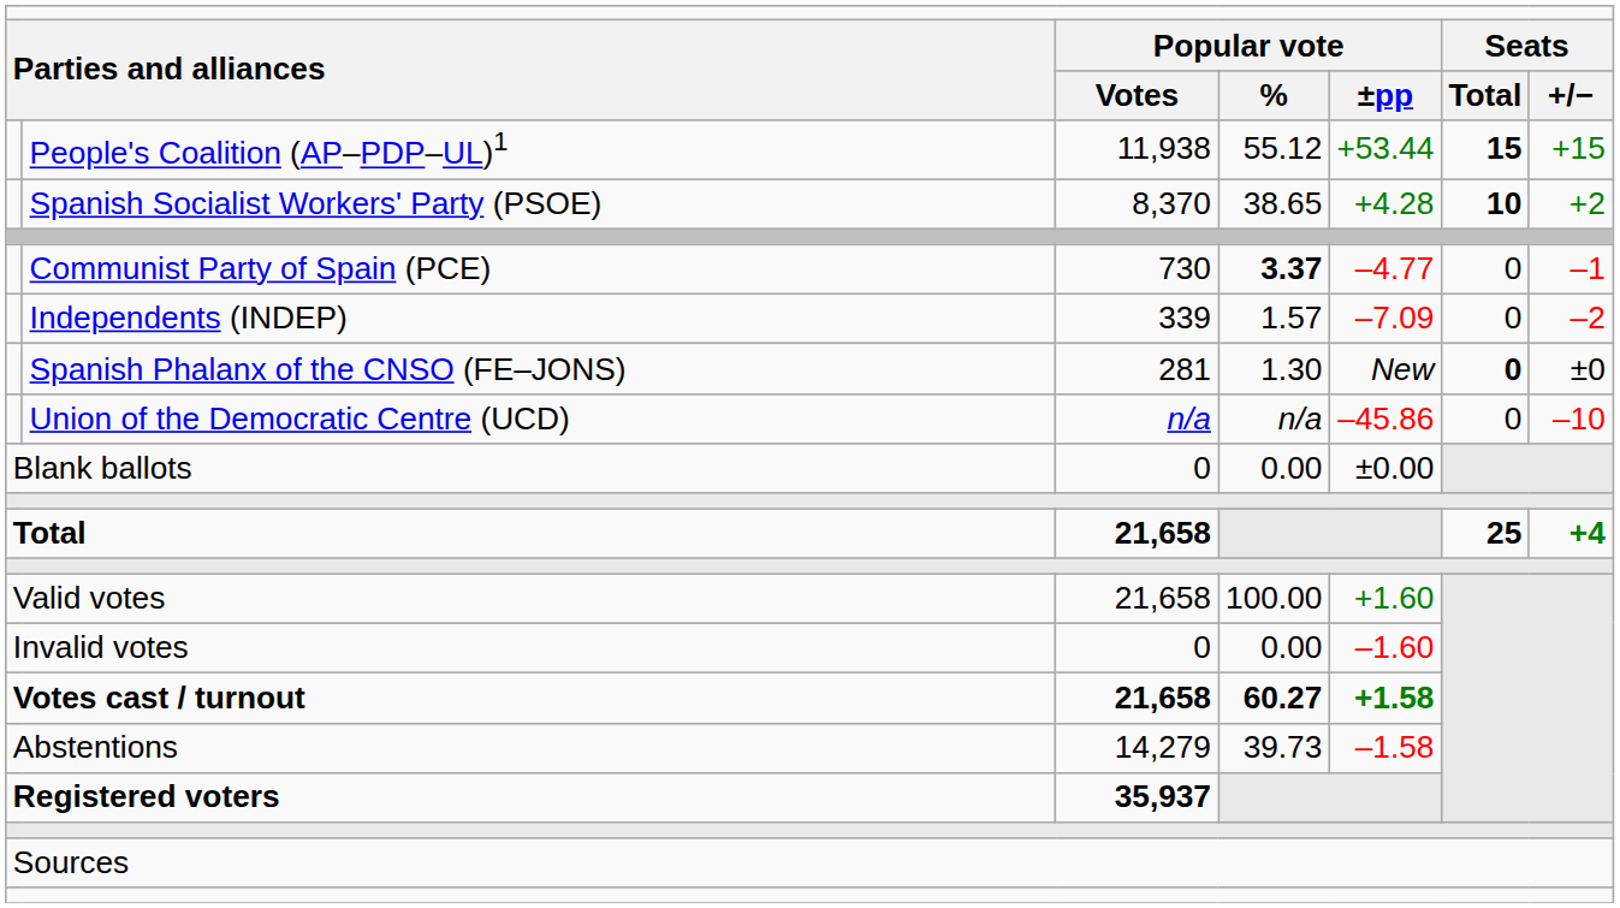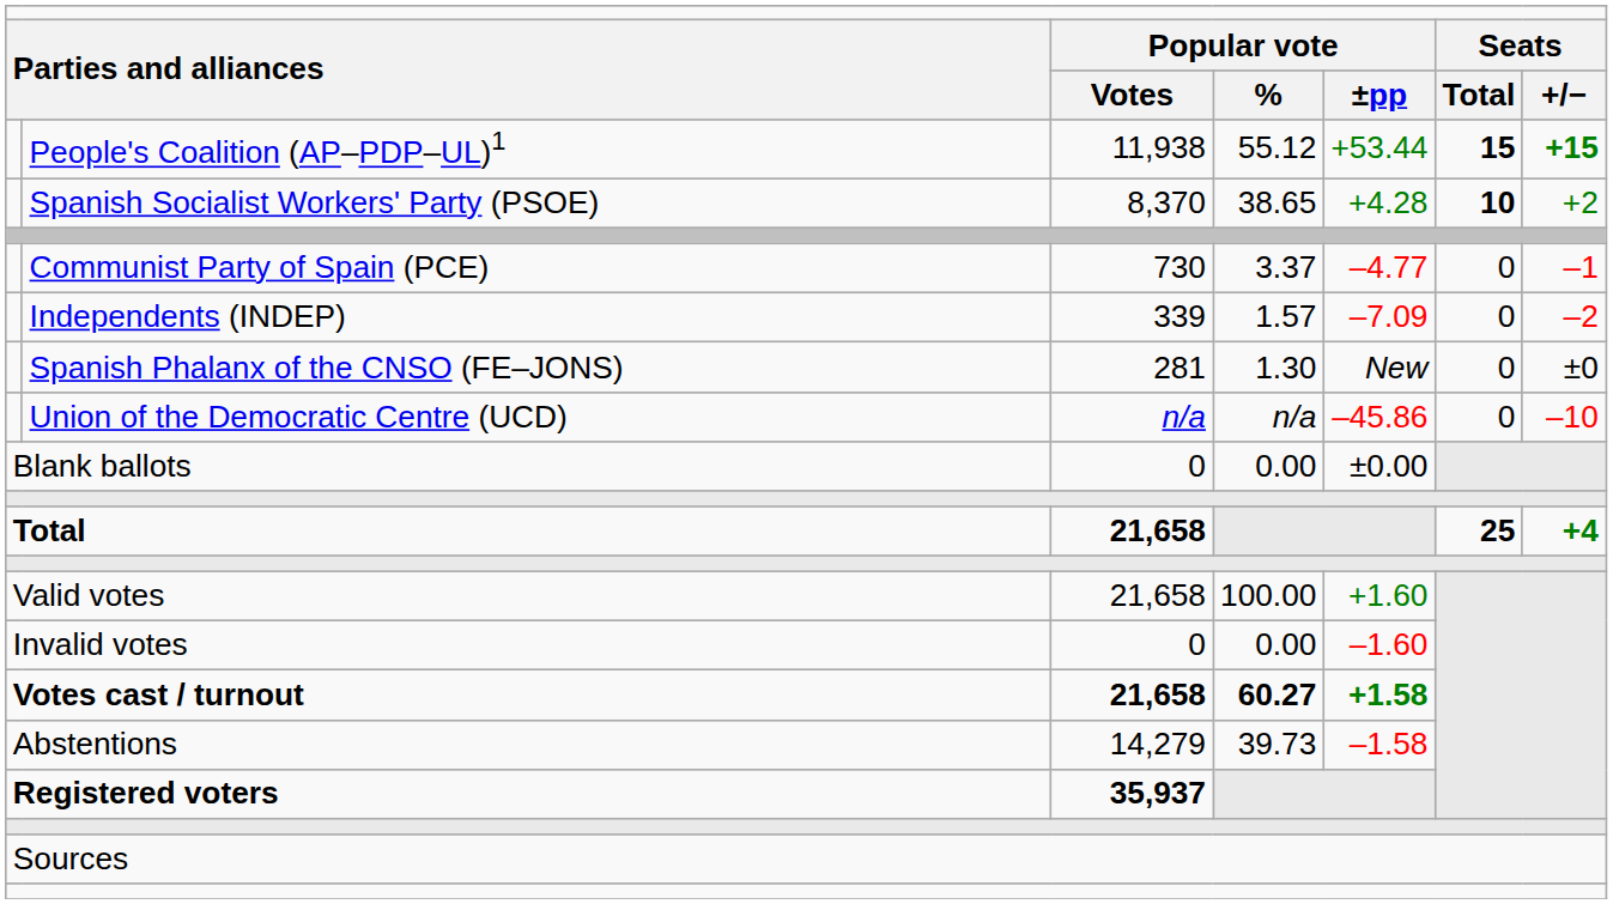 <table class="wikitable" style="text-align:right;">
 <tr>
 <td colspan="7"></td>
 </tr>
 <tr>
 <th style="text-align:left;" rowspan="2" colspan="2" width="525">Parties and alliances</th>
 <th colspan="3">Popular vote</th>
 <th colspan="2">Seats</th>
 </tr>
 <tr>
 <th width="75">Votes</th>
 <th width="45">%</th>
 <th width="45">±<a href='#'>pp</a></th>
 <th width="35">Total</th>
 <th width="35">+/−</th>
 </tr>
 <tr>
 <td width="1" style="color:inherit;background:"></td>
 <td align="left"><a href='#'>People's Coalition</a> (<a href='#'>AP</a>–<a href='#'>PDP</a>–<a href='#'>UL</a>)<sup>1</sup></td>
 <td>11,938</td>
 <td>55.12</td>
 <td style="color:green;">+53.44</td>
 <td><strong>15</strong></td>
-<td style="color:green;">+15</td>
+<td style="color:green;"><strong>+15</strong></td>
 </tr>
 <tr>
 <td style="color:inherit;background:"></td>
 <td align="left"><a href='#'>Spanish Socialist Workers' Party</a> (PSOE)</td>
 <td>8,370</td>
 <td>38.65</td>
 <td style="color:green;">+4.28</td>
 <td><strong>10</strong></td>
 <td style="color:green;">+2</td>
 </tr>
 <tr>
 <td colspan="7" bgcolor="#C0C0C0"></td>
 </tr>
 <tr>
 <td style="color:inherit;background:"></td>
 <td align="left"><a href='#'>Communist Party of Spain</a> (PCE)</td>
 <td>730</td>
-<td><strong>3.37</strong></td>
+<td>3.37</td>
 <td style="color:red;">–4.77</td>
 <td>0</td>
 <td style="color:red;">–1</td>
 </tr>
 <tr>
 <td style="color:inherit;background:"></td>
 <td align="left"><a href='#'>Independents</a> (INDEP)</td>
 <td>339</td>
 <td>1.57</td>
 <td style="color:red;">–7.09</td>
 <td>0</td>
 <td style="color:red;">–2</td>
 </tr>
 <tr>
 <td style="color:inherit;background:"></td>
 <td align="left"><a href='#'>Spanish Phalanx of the CNSO</a> (FE–JONS)</td>
 <td>281</td>
 <td>1.30</td>
 <td><em>New</em></td>
-<td><strong>0</strong></td>
+<td>0</td>
 <td>±0</td>
 </tr>
 <tr>
 <td style="color:inherit;background:"></td>
 <td align="left"><a href='#'>Union of the Democratic Centre</a> (UCD)</td>
 <td><em><a href='#'>n/a</a></em></td>
 <td><em>n/a</em></td>
 <td style="color:red;">–45.86</td>
 <td>0</td>
 <td style="color:red;">–10</td>
 </tr>
 <tr>
 <td align="left" colspan="2">Blank ballots</td>
 <td>0</td>
 <td>0.00</td>
 <td>±0.00</td>
 <td bgcolor="#E9E9E9" colspan="2"></td>
 </tr>
 <tr>
 <td colspan="7" bgcolor="#E9E9E9"></td>
 </tr>
 <tr style="font-weight:bold;">
 <td align="left" colspan="2">Total</td>
 <td>21,658</td>
 <td bgcolor="#E9E9E9" colspan="2"></td>
 <td>25</td>
 <td style="color:green;">+4</td>
 </tr>
 <tr>
 <td colspan="7" bgcolor="#E9E9E9"></td>
 </tr>
 <tr>
 <td align="left" colspan="2">Valid votes</td>
 <td>21,658</td>
 <td>100.00</td>
 <td style="color:green;">+1.60</td>
 <td bgcolor="#E9E9E9" colspan="2" rowspan="5"></td>
 </tr>
 <tr>
 <td align="left" colspan="2">Invalid votes</td>
 <td>0</td>
 <td>0.00</td>
 <td style="color:red;">–1.60</td>
 </tr>
 <tr style="font-weight:bold;">
 <td align="left" colspan="2">Votes cast / turnout</td>
 <td>21,658</td>
 <td>60.27</td>
 <td style="color:green;">+1.58</td>
 </tr>
 <tr>
 <td align="left" colspan="2">Abstentions</td>
 <td>14,279</td>
 <td>39.73</td>
 <td style="color:red;">–1.58</td>
 </tr>
 <tr style="font-weight:bold;">
 <td align="left" colspan="2">Registered voters</td>
 <td>35,937</td>
 <td bgcolor="#E9E9E9" colspan="2"></td>
 </tr>
 <tr>
 <td colspan="7" bgcolor="#E9E9E9"></td>
 </tr>
 <tr>
 <td align="left" colspan="7">Sources</td>
 </tr>
 <tr>
 <td colspan="7" style="text-align:left; max-width:790px;"></td>
 </tr>
 </table>
